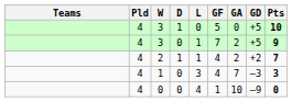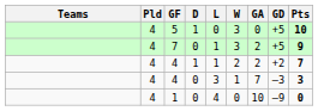 <table class="wikitable" style="text-align: center;">
 <tr>
 <th width=165>Teams</th>
 <th width=20>Pld</th>
-<th width=20>W</th>
+<th width=20>GF</th>
 <th width=20>D</th>
 <th width=20>L</th>
-<th width=20>GF</th>
+<th width=20>W</th>
 <th width=20>GA</th>
 <th width=20>GD</th>
 <th width=20>Pts</th>
 </tr>
 <tr align=center style="background:#ccffcc;">
 <td style="text-align:left;"></td>
 <td>4</td>
-<td>3</td>
+<td>5</td>
 <td>1</td>
 <td>0</td>
-<td>5</td>
+<td>3</td>
 <td>0</td>
 <td>+5</td>
 <td><strong>10</strong></td>
 </tr>
 <tr align=center style="background:#ccffcc;">
 <td style="text-align:left;"></td>
 <td>4</td>
-<td>3</td>
+<td>7</td>
 <td>0</td>
 <td>1</td>
-<td>7</td>
+<td>3</td>
 <td>2</td>
 <td>+5</td>
 <td><strong>9</strong></td>
 </tr>
 <tr align=center>
 <td style="text-align:left;"></td>
 <td>4</td>
-<td>2</td>
+<td>4</td>
 <td>1</td>
 <td>1</td>
-<td>4</td>
+<td>2</td>
 <td>2</td>
 <td>+2</td>
 <td><strong>7</strong></td>
 </tr>
 <tr align=center>
 <td style="text-align:left;"></td>
 <td>4</td>
-<td>1</td>
+<td>4</td>
 <td>0</td>
 <td>3</td>
-<td>4</td>
+<td>1</td>
 <td>7</td>
 <td>–3</td>
 <td><strong>3</strong></td>
 </tr>
 <tr align=center>
 <td style="text-align:left;"></td>
 <td>4</td>
-<td>0</td>
+<td>1</td>
 <td>0</td>
 <td>4</td>
-<td>1</td>
+<td>0</td>
 <td>10</td>
 <td>–9</td>
 <td><strong>0</strong></td>
 </tr>
 </table>
